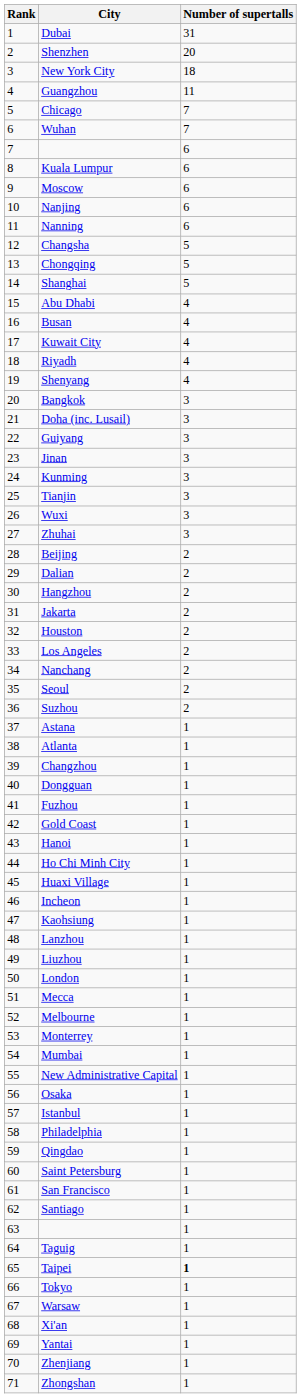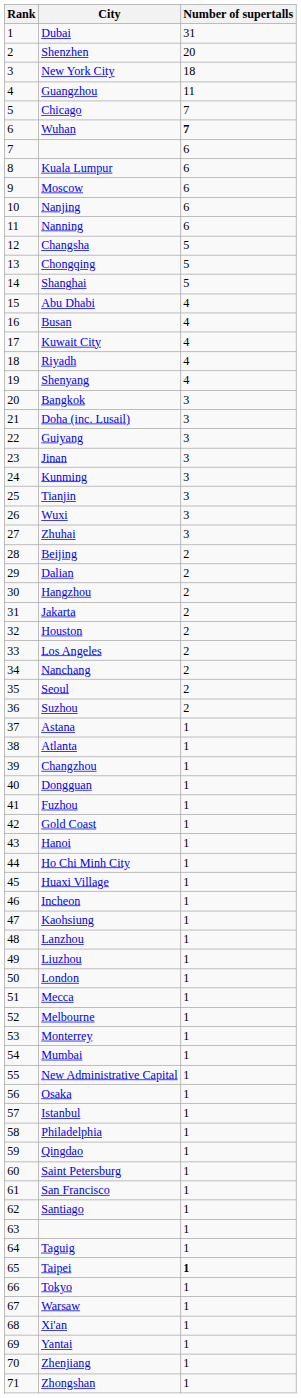 <table class="wikitable sortable">
 <tr>
 <th>Rank</th>
 <th>City</th>
 <th>Number of supertalls</th>
 </tr>
 <tr>
 <td>1</td>
 <td> <a href='#'>Dubai</a></td>
 <td>31</td>
 </tr>
 <tr>
 <td>2</td>
 <td> <a href='#'>Shenzhen</a></td>
 <td>20</td>
 </tr>
 <tr>
 <td>3</td>
 <td> <a href='#'>New York City</a></td>
 <td>18</td>
 </tr>
 <tr>
 <td>4</td>
 <td> <a href='#'>Guangzhou</a></td>
 <td>11</td>
 </tr>
 <tr>
 <td>5</td>
 <td> <a href='#'>Chicago</a></td>
 <td>7</td>
 </tr>
 <tr>
 <td>6</td>
 <td> <a href='#'>Wuhan</a></td>
-<td>7</td>
+<td><strong>7</strong></td>
 </tr>
 <tr>
 <td>7</td>
 <td></td>
 <td>6</td>
 </tr>
 <tr>
 <td>8</td>
 <td> <a href='#'>Kuala Lumpur</a></td>
 <td>6</td>
 </tr>
 <tr>
 <td>9</td>
 <td> <a href='#'>Moscow</a></td>
 <td>6</td>
 </tr>
 <tr>
 <td>10</td>
 <td> <a href='#'>Nanjing</a></td>
 <td>6</td>
 </tr>
 <tr>
 <td>11</td>
 <td> <a href='#'>Nanning</a></td>
 <td>6</td>
 </tr>
 <tr>
 <td>12</td>
 <td> <a href='#'>Changsha</a></td>
 <td>5</td>
 </tr>
 <tr>
 <td>13</td>
 <td> <a href='#'>Chongqing</a></td>
 <td>5</td>
 </tr>
 <tr>
 <td>14</td>
 <td> <a href='#'>Shanghai</a></td>
 <td>5</td>
 </tr>
 <tr>
 <td>15</td>
 <td> <a href='#'>Abu Dhabi</a></td>
 <td>4</td>
 </tr>
 <tr>
 <td>16</td>
 <td> <a href='#'>Busan</a></td>
 <td>4</td>
 </tr>
 <tr>
 <td>17</td>
 <td> <a href='#'>Kuwait City</a></td>
 <td>4</td>
 </tr>
 <tr>
 <td>18</td>
 <td> <a href='#'>Riyadh</a></td>
 <td>4</td>
 </tr>
 <tr>
 <td>19</td>
 <td> <a href='#'>Shenyang</a></td>
 <td>4</td>
 </tr>
 <tr>
 <td>20</td>
 <td> <a href='#'>Bangkok</a></td>
 <td>3</td>
 </tr>
 <tr>
 <td>21</td>
 <td> <a href='#'>Doha (inc. Lusail)</a></td>
 <td>3</td>
 </tr>
 <tr>
 <td>22</td>
 <td> <a href='#'>Guiyang</a></td>
 <td>3</td>
 </tr>
 <tr>
 <td>23</td>
 <td> <a href='#'>Jinan</a></td>
 <td>3</td>
 </tr>
 <tr>
 <td>24</td>
 <td> <a href='#'>Kunming</a></td>
 <td>3</td>
 </tr>
 <tr>
 <td>25</td>
 <td> <a href='#'>Tianjin</a></td>
 <td>3</td>
 </tr>
 <tr>
 <td>26</td>
 <td> <a href='#'>Wuxi</a></td>
 <td>3</td>
 </tr>
 <tr>
 <td>27</td>
 <td> <a href='#'>Zhuhai</a></td>
 <td>3</td>
 </tr>
 <tr>
 <td>28</td>
 <td> <a href='#'>Beijing</a></td>
 <td>2</td>
 </tr>
 <tr>
 <td>29</td>
 <td> <a href='#'>Dalian</a></td>
 <td>2</td>
 </tr>
 <tr>
 <td>30</td>
 <td> <a href='#'>Hangzhou</a></td>
 <td>2</td>
 </tr>
 <tr>
 <td>31</td>
 <td> <a href='#'>Jakarta</a></td>
 <td>2</td>
 </tr>
 <tr>
 <td>32</td>
 <td> <a href='#'>Houston</a></td>
 <td>2</td>
 </tr>
 <tr>
 <td>33</td>
 <td> <a href='#'>Los Angeles</a></td>
 <td>2</td>
 </tr>
 <tr>
 <td>34</td>
 <td> <a href='#'>Nanchang</a></td>
 <td>2</td>
 </tr>
 <tr>
 <td>35</td>
 <td> <a href='#'>Seoul</a></td>
 <td>2</td>
 </tr>
 <tr>
 <td>36</td>
 <td> <a href='#'>Suzhou</a></td>
 <td>2</td>
 </tr>
 <tr>
 <td>37</td>
 <td> <a href='#'>Astana</a></td>
 <td>1</td>
 </tr>
 <tr>
 <td>38</td>
 <td> <a href='#'>Atlanta</a></td>
 <td>1</td>
 </tr>
 <tr>
 <td>39</td>
 <td> <a href='#'>Changzhou</a></td>
 <td>1</td>
 </tr>
 <tr>
 <td>40</td>
 <td> <a href='#'>Dongguan</a></td>
 <td>1</td>
 </tr>
 <tr>
 <td>41</td>
 <td> <a href='#'>Fuzhou</a></td>
 <td>1</td>
 </tr>
 <tr>
 <td>42</td>
 <td> <a href='#'>Gold Coast</a></td>
 <td>1</td>
 </tr>
 <tr>
 <td>43</td>
 <td> <a href='#'>Hanoi</a></td>
 <td>1</td>
 </tr>
 <tr>
 <td>44</td>
 <td> <a href='#'>Ho Chi Minh City</a></td>
 <td>1</td>
 </tr>
 <tr>
 <td>45</td>
 <td> <a href='#'>Huaxi Village</a></td>
 <td>1</td>
 </tr>
 <tr>
 <td>46</td>
 <td> <a href='#'>Incheon</a></td>
 <td>1</td>
 </tr>
 <tr>
 <td>47</td>
 <td> <a href='#'>Kaohsiung</a></td>
 <td>1</td>
 </tr>
 <tr>
 <td>48</td>
 <td> <a href='#'>Lanzhou</a></td>
 <td>1</td>
 </tr>
 <tr>
 <td>49</td>
 <td> <a href='#'>Liuzhou</a></td>
 <td>1</td>
 </tr>
 <tr>
 <td>50</td>
 <td> <a href='#'>London</a></td>
 <td>1</td>
 </tr>
 <tr>
 <td>51</td>
 <td> <a href='#'>Mecca</a></td>
 <td>1</td>
 </tr>
 <tr>
 <td>52</td>
 <td> <a href='#'>Melbourne</a></td>
 <td>1</td>
 </tr>
 <tr>
 <td>53</td>
 <td> <a href='#'>Monterrey</a></td>
 <td>1</td>
 </tr>
 <tr>
 <td>54</td>
 <td> <a href='#'>Mumbai</a></td>
 <td>1</td>
 </tr>
 <tr>
 <td>55</td>
 <td> <a href='#'>New Administrative Capital</a></td>
 <td>1</td>
 </tr>
 <tr>
 <td>56</td>
 <td> <a href='#'>Osaka</a></td>
 <td>1</td>
 </tr>
 <tr>
 <td>57</td>
 <td> <a href='#'>Istanbul</a></td>
 <td>1</td>
 </tr>
 <tr>
 <td>58</td>
 <td> <a href='#'>Philadelphia</a></td>
 <td>1</td>
 </tr>
 <tr>
 <td>59</td>
 <td> <a href='#'>Qingdao</a></td>
 <td>1</td>
 </tr>
 <tr>
 <td>60</td>
 <td> <a href='#'>Saint Petersburg</a></td>
 <td>1</td>
 </tr>
 <tr>
 <td>61</td>
 <td> <a href='#'>San Francisco</a></td>
 <td>1</td>
 </tr>
 <tr>
 <td>62</td>
 <td> <a href='#'>Santiago</a></td>
 <td>1</td>
 </tr>
 <tr>
 <td>63</td>
 <td></td>
 <td>1</td>
 </tr>
 <tr>
 <td>64</td>
 <td> <a href='#'>Taguig</a></td>
 <td>1</td>
 </tr>
 <tr>
 <td>65</td>
 <td> <a href='#'>Taipei</a></td>
 <td><strong>1</strong></td>
 </tr>
 <tr>
 <td>66</td>
 <td> <a href='#'>Tokyo</a></td>
 <td>1</td>
 </tr>
 <tr>
 <td>67</td>
 <td> <a href='#'>Warsaw</a></td>
 <td>1</td>
 </tr>
 <tr>
 <td>68</td>
 <td> <a href='#'>Xi'an</a></td>
 <td>1</td>
 </tr>
 <tr>
 <td>69</td>
 <td> <a href='#'>Yantai</a></td>
 <td>1</td>
 </tr>
 <tr>
 <td>70</td>
 <td> <a href='#'>Zhenjiang</a></td>
 <td>1</td>
 </tr>
 <tr>
 <td>71</td>
 <td> <a href='#'>Zhongshan</a></td>
 <td>1</td>
 </tr>
 </table>
